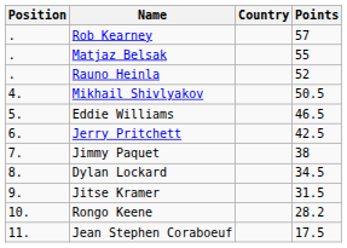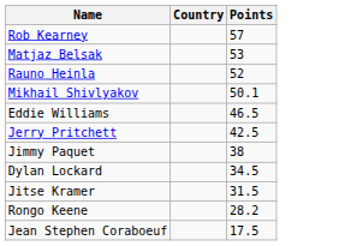 <table class="wikitable" style="display: inline-table">
 <tr>
-<th>Position</th>
 <th>Name</th>
 <th>Country</th>
 <th>Points</th>
 </tr>
 <tr>
-<td>.</td>
 <td><a href='#'>Rob Kearney</a></td>
 <td></td>
 <td>57</td>
 </tr>
 <tr>
-<td>.</td>
 <td><a href='#'>Matjaz Belsak</a></td>
 <td></td>
-<td>55</td>
+<td>53</td>
 </tr>
 <tr>
-<td>.</td>
 <td><a href='#'>Rauno Heinla</a></td>
 <td></td>
 <td>52</td>
 </tr>
 <tr>
-<td>4.</td>
 <td><a href='#'>Mikhail Shivlyakov</a></td>
 <td></td>
-<td>50.5</td>
+<td>50.1</td>
 </tr>
 <tr>
-<td>5.</td>
 <td>Eddie Williams</td>
 <td></td>
 <td>46.5</td>
 </tr>
 <tr>
-<td>6.</td>
 <td><a href='#'>Jerry Pritchett</a></td>
 <td></td>
 <td>42.5</td>
 </tr>
 <tr>
-<td>7.</td>
 <td>Jimmy Paquet</td>
 <td></td>
 <td>38</td>
 </tr>
 <tr>
-<td>8.</td>
 <td>Dylan Lockard</td>
 <td></td>
 <td>34.5</td>
 </tr>
 <tr>
-<td>9.</td>
 <td>Jitse Kramer</td>
 <td></td>
 <td>31.5</td>
 </tr>
 <tr>
-<td>10.</td>
 <td>Rongo Keene</td>
 <td></td>
 <td>28.2</td>
 </tr>
 <tr>
-<td>11.</td>
 <td>Jean Stephen Coraboeuf</td>
 <td></td>
 <td>17.5</td>
 </tr>
 </table>
